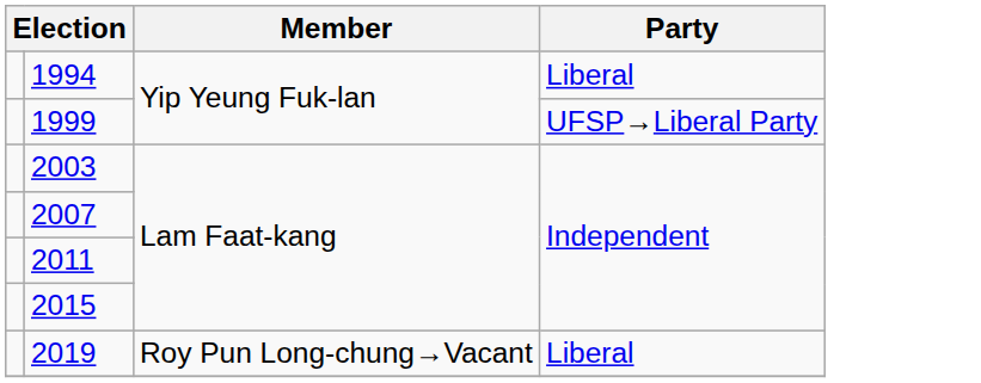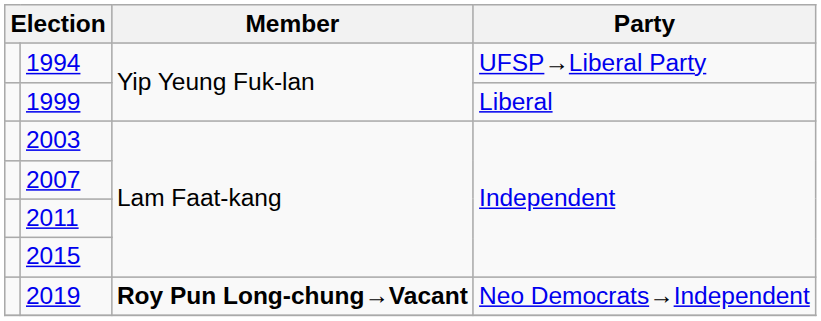 <table class="wikitable">
 <tr>
 <th colspan="2">Election</th>
 <th>Member</th>
 <th>Party</th>
 </tr>
 <tr>
 <td style="background-color: "></td>
 <td><a href='#'>1994</a></td>
 <td rowspan=2>Yip Yeung Fuk-lan</td>
-<td><a href='#'>Liberal</a></td>
+<td><a href='#'>UFSP</a>→<a href='#'>Liberal Party</a></td>
 </tr>
 <tr>
 <td style="background-color: "></td>
 <td><a href='#'>1999</a></td>
-<td><a href='#'>UFSP</a>→<a href='#'>Liberal Party</a></td>
+<td><a href='#'>Liberal</a></td>
 </tr>
 <tr>
 <td style="background-color: "></td>
 <td><a href='#'>2003</a></td>
 <td rowspan=4>Lam Faat-kang</td>
 <td rowspan=4><a href='#'>Independent</a></td>
 </tr>
 <tr>
 <td style="background-color: "></td>
 <td><a href='#'>2007</a></td>
 </tr>
 <tr>
 <td style="background-color: "></td>
 <td><a href='#'>2011</a></td>
 </tr>
 <tr>
 <td style="background-color: "></td>
 <td><a href='#'>2015</a></td>
 </tr>
 <tr>
 <td style="background-color: "></td>
 <td><a href='#'>2019</a></td>
-<td>Roy Pun Long-chung→Vacant</td>
-<td><a href='#'>Liberal</a></td>
+<td><strong>Roy Pun Long-chung→Vacant</strong></td>
+<td><a href='#'>Neo Democrats</a>→<a href='#'>Independent</a></td>
 </tr>
 <tr>
 </tr>
 </table>
